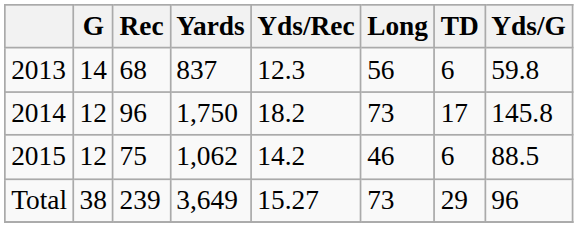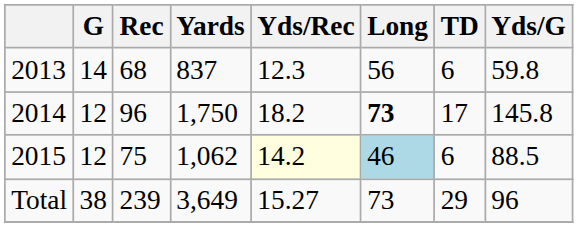 <table class="wikitable">
 <tr>
 <th></th>
 <th>G</th>
 <th>Rec</th>
 <th>Yards</th>
 <th>Yds/Rec</th>
 <th>Long</th>
 <th>TD</th>
 <th>Yds/G</th>
 </tr>
 <tr>
 <td>2013</td>
 <td>14</td>
 <td>68</td>
 <td>837</td>
 <td>12.3</td>
 <td>56</td>
 <td>6</td>
 <td>59.8</td>
 </tr>
 <tr>
 <td>2014</td>
 <td>12</td>
 <td>96</td>
 <td>1,750</td>
 <td>18.2</td>
-<td>73</td>
+<td><strong>73</strong></td>
 <td>17</td>
 <td>145.8</td>
 </tr>
 <tr>
 <td>2015</td>
 <td>12</td>
 <td>75</td>
 <td>1,062</td>
-<td>14.2</td>
-<td>46</td>
+<td style="background: lightyellow;">14.2</td>
+<td style="background: lightblue;">46</td>
 <td>6</td>
 <td>88.5</td>
 </tr>
 <tr>
 <td>Total</td>
 <td>38</td>
 <td>239</td>
 <td>3,649</td>
 <td>15.27</td>
 <td>73</td>
 <td>29</td>
 <td>96</td>
 </tr>
 <tr>
 </tr>
 </table>
